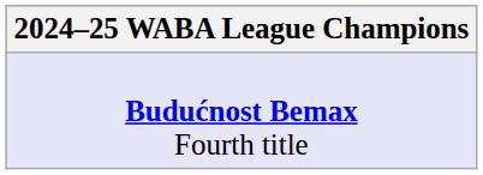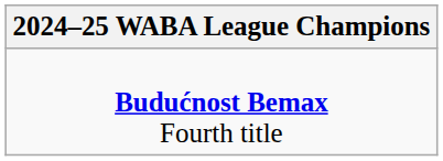 <table class=wikitable style="text-align:center; margin:auto">
 <tr>
 <th>2024–25 WABA League Champions</th>
 </tr>
 <tr>
-<td style="background: lavender;"> <br><strong><a href='#'>Budućnost Bemax</a></strong><br>Fourth title</td>
+<td> <br><strong><a href='#'>Budućnost Bemax</a></strong><br>Fourth title</td>
 </tr>
 </table>
